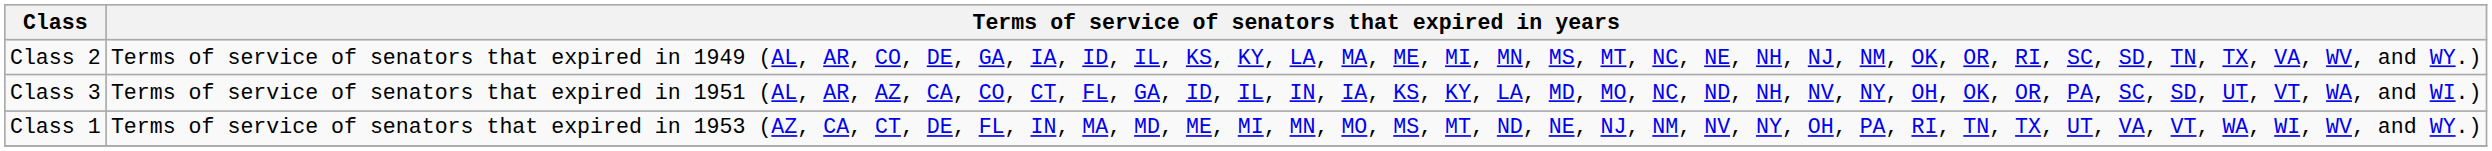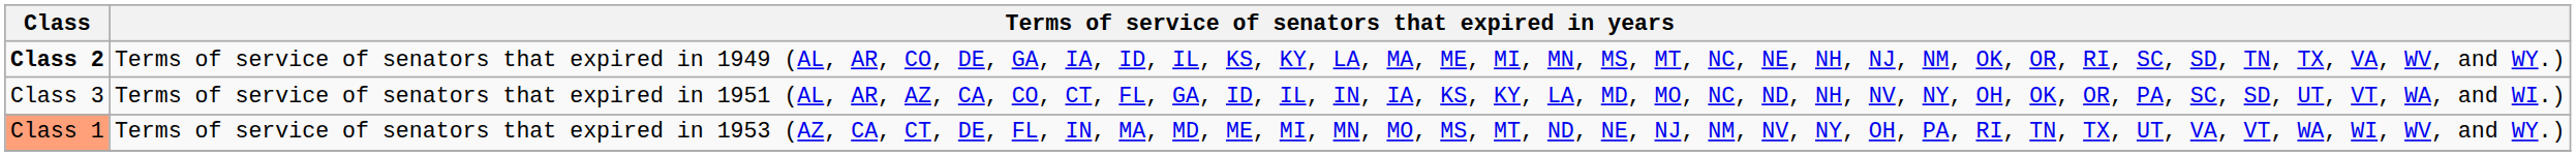 <table class="wikitable sortable">
 <tr valign=bottom>
 <th>Class</th>
 <th>Terms of service of senators that expired in years</th>
 </tr>
 <tr>
-<td>Class 2</td>
+<td><strong>Class 2</strong></td>
 <td>Terms of service of senators that expired in 1949 (<a href='#'>AL</a>, <a href='#'>AR</a>, <a href='#'>CO</a>, <a href='#'>DE</a>, <a href='#'>GA</a>, <a href='#'>IA</a>, <a href='#'>ID</a>, <a href='#'>IL</a>, <a href='#'>KS</a>, <a href='#'>KY</a>, <a href='#'>LA</a>, <a href='#'>MA</a>, <a href='#'>ME</a>, <a href='#'>MI</a>, <a href='#'>MN</a>, <a href='#'>MS</a>, <a href='#'>MT</a>, <a href='#'>NC</a>, <a href='#'>NE</a>, <a href='#'>NH</a>, <a href='#'>NJ</a>, <a href='#'>NM</a>, <a href='#'>OK</a>, <a href='#'>OR</a>, <a href='#'>RI</a>, <a href='#'>SC</a>, <a href='#'>SD</a>, <a href='#'>TN</a>, <a href='#'>TX</a>, <a href='#'>VA</a>, <a href='#'>WV</a>, and <a href='#'>WY</a>.)</td>
 </tr>
 <tr>
 <td>Class 3</td>
 <td>Terms of service of senators that expired in 1951 (<a href='#'>AL</a>, <a href='#'>AR</a>, <a href='#'>AZ</a>, <a href='#'>CA</a>, <a href='#'>CO</a>, <a href='#'>CT</a>, <a href='#'>FL</a>, <a href='#'>GA</a>, <a href='#'>ID</a>, <a href='#'>IL</a>, <a href='#'>IN</a>, <a href='#'>IA</a>, <a href='#'>KS</a>, <a href='#'>KY</a>, <a href='#'>LA</a>, <a href='#'>MD</a>, <a href='#'>MO</a>, <a href='#'>NC</a>, <a href='#'>ND</a>, <a href='#'>NH</a>, <a href='#'>NV</a>, <a href='#'>NY</a>, <a href='#'>OH</a>, <a href='#'>OK</a>, <a href='#'>OR</a>, <a href='#'>PA</a>, <a href='#'>SC</a>, <a href='#'>SD</a>, <a href='#'>UT</a>, <a href='#'>VT</a>, <a href='#'>WA</a>, and <a href='#'>WI</a>.)</td>
 </tr>
 <tr>
-<td>Class 1</td>
+<td style="background: lightsalmon;">Class 1</td>
 <td>Terms of service of senators that expired in 1953 (<a href='#'>AZ</a>, <a href='#'>CA</a>, <a href='#'>CT</a>, <a href='#'>DE</a>, <a href='#'>FL</a>, <a href='#'>IN</a>, <a href='#'>MA</a>, <a href='#'>MD</a>, <a href='#'>ME</a>,  <a href='#'>MI</a>, <a href='#'>MN</a>, <a href='#'>MO</a>, <a href='#'>MS</a>, <a href='#'>MT</a>, <a href='#'>ND</a>, <a href='#'>NE</a>, <a href='#'>NJ</a>, <a href='#'>NM</a>, <a href='#'>NV</a>, <a href='#'>NY</a>, <a href='#'>OH</a>, <a href='#'>PA</a>, <a href='#'>RI</a>, <a href='#'>TN</a>, <a href='#'>TX</a>, <a href='#'>UT</a>, <a href='#'>VA</a>, <a href='#'>VT</a>, <a href='#'>WA</a>, <a href='#'>WI</a>, <a href='#'>WV</a>, and <a href='#'>WY</a>.)</td>
 </tr>
 <tr>
 </tr>
 </table>
